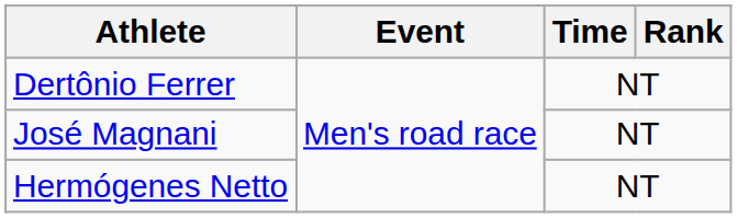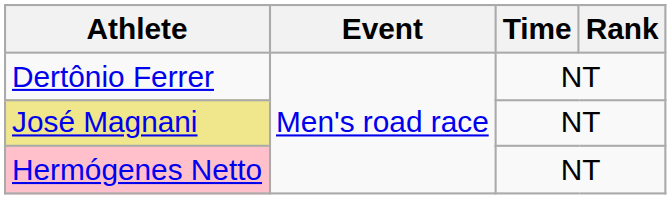 <table class=wikitable style="font-size:90%">
 <tr>
 <th>Athlete</th>
 <th>Event</th>
 <th>Time</th>
 <th>Rank</th>
 </tr>
 <tr align=center>
 <td align=left rowspan=1><a href='#'>Dertônio Ferrer</a></td>
 <td align=left rowspan=3><a href='#'>Men's road race</a></td>
 <td align=center colspan=2>NT</td>
 </tr>
 <tr align=center>
-<td align=left rowspan=1><a href='#'>José Magnani</a></td>
+<td align=left rowspan=1 style="background: khaki;"><a href='#'>José Magnani</a></td>
 <td align=center colspan=2>NT</td>
 </tr>
 <tr align=center>
-<td align=left><a href='#'>Hermógenes Netto</a></td>
+<td align=left style="background: pink;"><a href='#'>Hermógenes Netto</a></td>
 <td align=center colspan=2>NT</td>
 </tr>
 </table>
